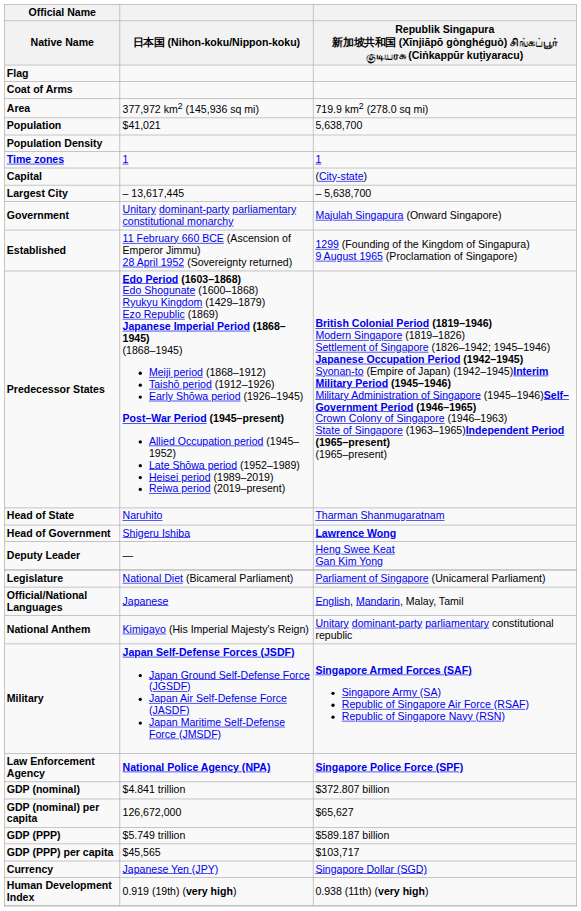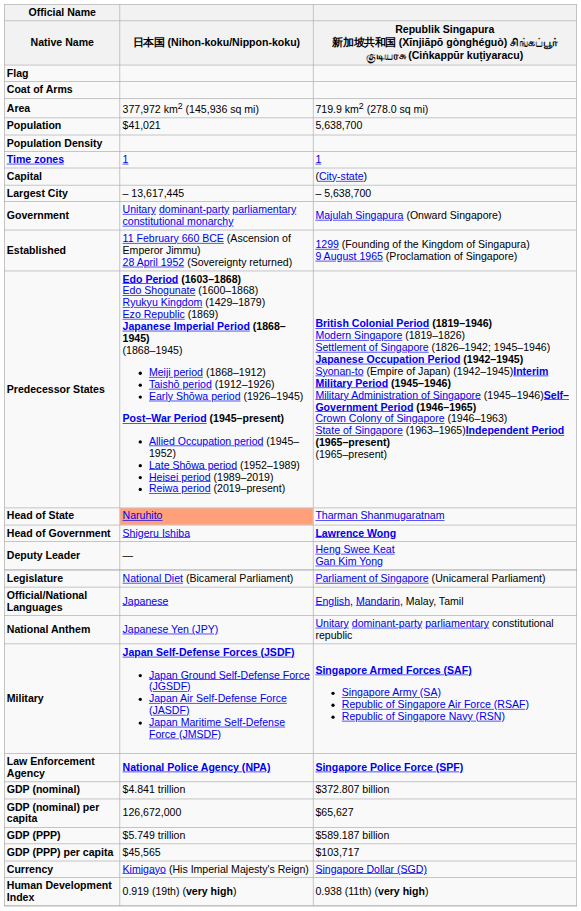 <table class="wikitable">
 <tr>
 <th>Official Name</th>
 <th></th>
 <th></th>
 </tr>
 <tr>
 <th>Native Name</th>
 <th>日本国 (Nihon-koku/Nippon-koku)</th>
 <th>Republik Singapura<br>新加坡共和国 (Xīnjiāpō gònghéguò) சிங்கப்பூர் குடியரசு (Ciṅkappūr kuṭiyaracu)</th>
 </tr>
 <tr>
 <td><strong>Flag</strong></td>
 <td style="text-align:center"></td>
 <td style="text-align:center"></td>
 </tr>
 <tr>
 <td><strong>Coat of Arms</strong></td>
 <td style="text-align:center"></td>
 <td style="text-align:center"></td>
 </tr>
 <tr>
 <td><strong>Area</strong></td>
 <td>377,972 km<sup>2</sup> (145,936 sq mi)</td>
 <td>719.9 km<sup>2</sup> (278.0 sq mi)</td>
 </tr>
 <tr>
 <td><strong>Population</strong></td>
 <td>$41,021</td>
 <td>5,638,700</td>
 </tr>
 <tr>
 <td><strong>Population Density</strong></td>
 <td></td>
 <td></td>
 </tr>
 <tr>
 <td><strong><a href='#'>Time zones</a></strong></td>
 <td><a href='#'>1</a></td>
 <td><a href='#'>1</a></td>
 </tr>
 <tr>
 <td><strong>Capital</strong></td>
 <td></td>
 <td> (<a href='#'>City-state</a>)</td>
 </tr>
 <tr>
 <td><strong>Largest City</strong></td>
 <td> – 13,617,445</td>
 <td> – 5,638,700</td>
 </tr>
 <tr>
 <td><strong>Government</strong></td>
 <td><a href='#'>Unitary</a> <a href='#'>dominant-party</a> <a href='#'>parliamentary</a> <a href='#'>constitutional monarchy</a></td>
 <td><a href='#'>Majulah Singapura</a> (Onward Singapore)</td>
 </tr>
 <tr>
 <td><strong>Established</strong></td>
 <td><a href='#'>11 February 660 BCE</a> (Ascension of Emperor Jimmu)<br><a href='#'>28 April 1952</a> (Sovereignty returned)</td>
 <td><a href='#'>1299</a> (Founding of the Kingdom of Singapura)<br><a href='#'>9 August 1965</a> (Proclamation of Singapore)</td>
 </tr>
 <tr>
 <td><strong>Predecessor States</strong></td>
 <td><strong><a href='#'>Edo Period</a> (1603–1868)</strong><br> <a href='#'>Edo Shogunate</a> (1600–1868)<br> <a href='#'>Ryukyu Kingdom</a> (1429–1879)<br> <a href='#'>Ezo Republic</a> (1869)<br><strong><a href='#'>Japanese Imperial Period</a> (1868–1945)</strong><br> (1868–1945)<ul><li> <a href='#'>Meiji period</a> (1868–1912)</li><li> <a href='#'>Taishō period</a> (1912–1926)</li><li> <a href='#'>Early Shōwa period</a> (1926–1945)</li></ul><strong><a href='#'>Post–War Period</a> (1945–present)</strong><br><ul><li> <a href='#'>Allied Occupation period</a> (1945–1952)</li><li> <a href='#'>Late Shōwa period</a> (1952–1989)</li><li> <a href='#'>Heisei period</a> (1989–2019)</li><li> <a href='#'>Reiwa period</a> (2019–present)</li></ul></td>
 <td><strong><a href='#'>British Colonial Period</a> (1819–1946)</strong><br> <a href='#'>Modern Singapore</a> (1819–1826)<br> <a href='#'>Settlement of Singapore</a> (1826–1942; 1945–1946)<br><strong><a href='#'>Japanese Occupation Period</a> (1942–1945)</strong><br> <a href='#'>Syonan-to</a> (Empire of Japan) (1942–1945)<strong><a href='#'>Interim Military Period</a> (1945–1946)</strong><br> <a href='#'>Military Administration of Singapore</a> (1945–1946)<strong><a href='#'>Self–Government Period</a> (1946–1965)</strong><br> <a href='#'>Crown Colony of Singapore</a> (1946–1963)<br> <a href='#'>State of Singapore</a> (1963–1965)<strong><a href='#'>Independent Period</a> (1965–present)</strong><br> (1965–present)</td>
 </tr>
 <tr>
 <td><strong>Head of State</strong></td>
-<td> <a href='#'>Naruhito</a></td>
+<td style="background: lightsalmon;"> <a href='#'>Naruhito</a></td>
 <td> <a href='#'>Tharman Shanmugaratnam</a></td>
 </tr>
 <tr>
 <td><strong>Head of Government</strong></td>
 <td> <a href='#'>Shigeru Ishiba</a></td>
 <td><strong> <a href='#'>Lawrence Wong</a></strong></td>
 </tr>
 <tr>
 <td><strong>Deputy Leader</strong></td>
 <td> —</td>
 <td> <a href='#'>Heng Swee Keat</a><br> <a href='#'>Gan Kim Yong</a></td>
 </tr>
 <tr>
 </tr>
 <tr>
 <td><strong>Legislature</strong></td>
 <td><a href='#'>National Diet</a> (Bicameral Parliament)</td>
 <td><a href='#'>Parliament of Singapore</a> (Unicameral Parliament)</td>
 </tr>
 <tr>
 <td><strong>Official/National Languages</strong></td>
 <td><a href='#'>Japanese</a></td>
 <td><a href='#'>English</a>, <a href='#'>Mandarin</a>, Malay, Tamil</td>
 </tr>
 <tr>
 <td><strong>National Anthem</strong></td>
-<td><a href='#'>Kimigayo</a> (His Imperial Majesty's Reign)</td>
+<td><a href='#'>Japanese Yen (JPY)</a></td>
 <td><a href='#'>Unitary</a> <a href='#'>dominant-party</a> <a href='#'>parliamentary</a> constitutional republic</td>
 </tr>
 <tr>
 <td><strong>Military</strong></td>
 <td><strong> <a href='#'>Japan Self-Defense Forces (JSDF)</a></strong><br><ul><li> <a href='#'>Japan Ground Self-Defense Force (JGSDF)</a></li><li> <a href='#'>Japan Air Self-Defense Force (JASDF)</a></li><li> <a href='#'>Japan Maritime Self-Defense Force (JMSDF)</a></li></ul></td>
 <td><strong> <a href='#'>Singapore Armed Forces (SAF)</a></strong><br><ul><li> <a href='#'>Singapore Army (SA)</a></li><li> <a href='#'>Republic of Singapore Air Force (RSAF)</a></li><li> <a href='#'>Republic of Singapore Navy (RSN)</a></li></ul></td>
 </tr>
 <tr>
 <td><strong>Law Enforcement Agency</strong></td>
 <td><strong> <a href='#'>National Police Agency (NPA)</a></strong></td>
 <td><strong> <a href='#'>Singapore Police Force (SPF)</a></strong></td>
 </tr>
 <tr>
 <td><strong>GDP (nominal)</strong></td>
 <td>$4.841 trillion</td>
 <td>$372.807 billion</td>
 </tr>
 <tr>
 <td><strong>GDP (nominal) per capita</strong></td>
 <td>126,672,000</td>
 <td>$65,627</td>
 </tr>
 <tr>
 <td><strong>GDP (PPP)</strong></td>
 <td>$5.749 trillion</td>
 <td>$589.187 billion</td>
 </tr>
 <tr>
 <td><strong>GDP (PPP) per capita</strong></td>
 <td>$45,565</td>
 <td>$103,717</td>
 </tr>
 <tr>
 <td><strong>Currency</strong></td>
-<td><a href='#'>Japanese Yen (JPY)</a></td>
+<td><a href='#'>Kimigayo</a> (His Imperial Majesty's Reign)</td>
 <td><a href='#'>Singapore Dollar (SGD)</a></td>
 </tr>
 <tr>
 <td><strong>Human Development Index</strong></td>
 <td>0.919 (19th) (<span><strong>very high</strong></span>)</td>
 <td>0.938 (11th) (<span><strong>very high</strong></span>)</td>
 </tr>
 <tr>
 </tr>
 </table>
